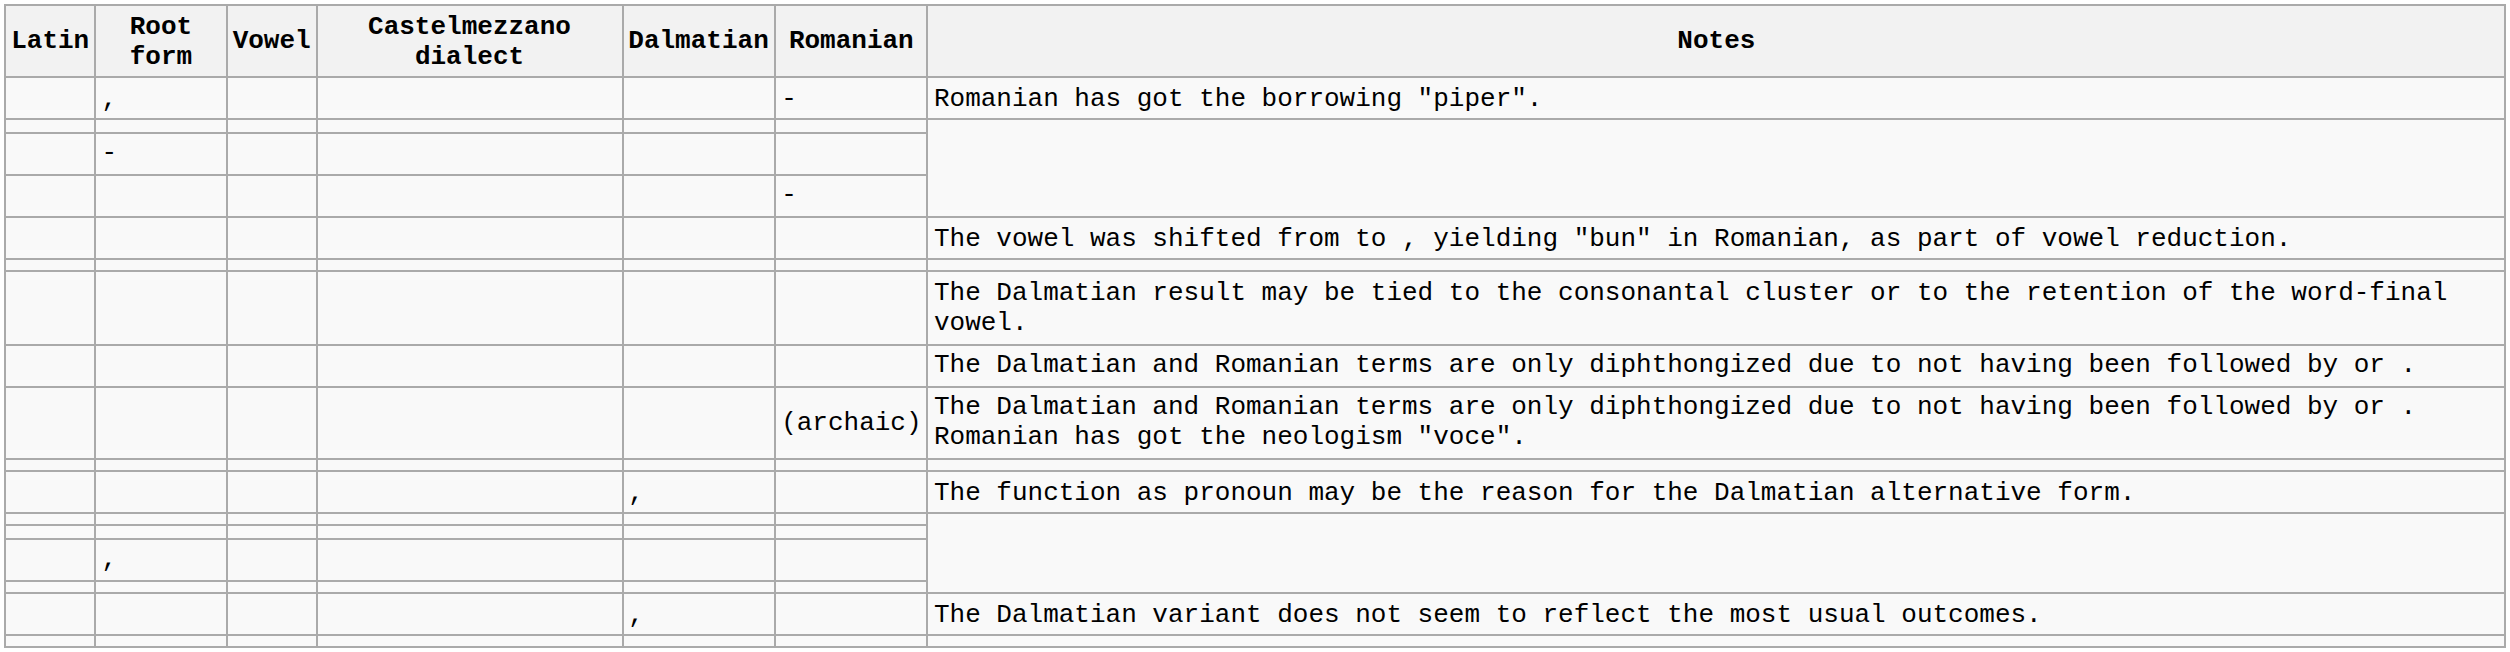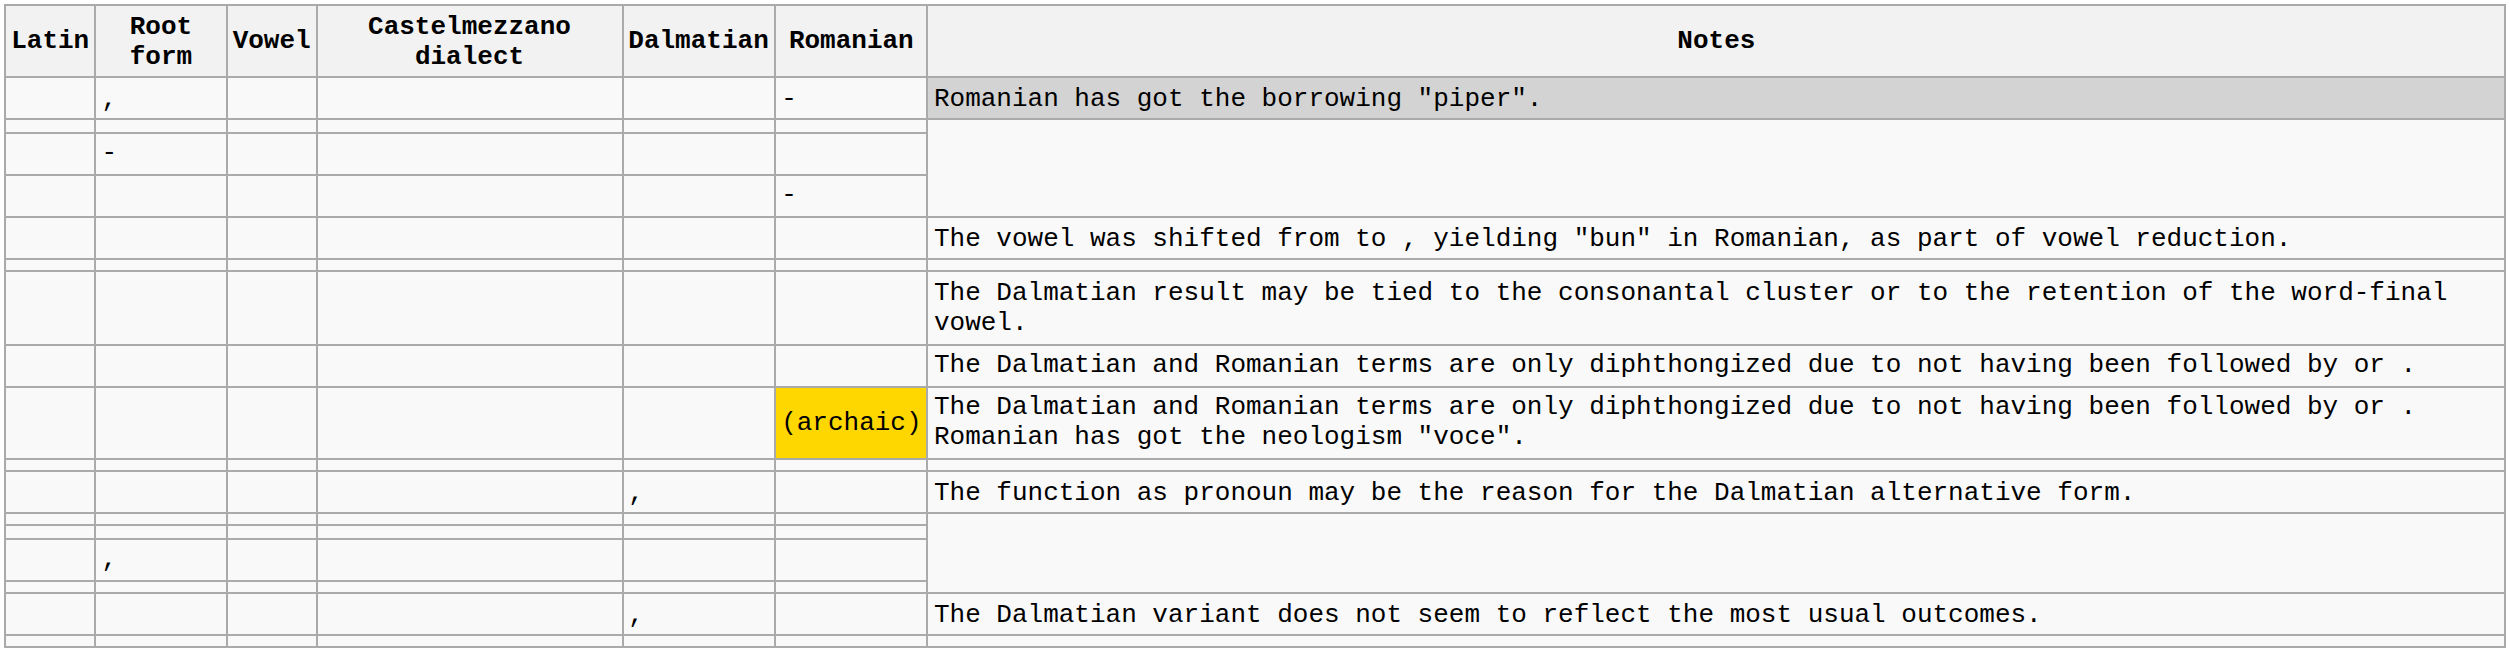 <table class="wikitable"; margin: 10px; text-align: center;">
 <tr>
 <th>Latin</th>
 <th>Root form</th>
 <th>Vowel</th>
 <th>Castelmezzano dialect</th>
 <th>Dalmatian</th>
 <th>Romanian</th>
 <th>Notes</th>
 </tr>
 <tr>
 <td></td>
 <td>, </td>
 <td></td>
 <td></td>
 <td></td>
 <td>-</td>
-<td>Romanian has got the borrowing "piper".</td>
+<td style="background: lightgrey;">Romanian has got the borrowing "piper".</td>
 </tr>
 <tr>
 <td></td>
 <td></td>
 <td></td>
 <td></td>
 <td></td>
 <td></td>
 </tr>
 <tr>
 <td></td>
 <td>-</td>
 <td></td>
 <td></td>
 <td></td>
 <td></td>
 </tr>
 <tr>
 <td></td>
 <td></td>
 <td></td>
 <td></td>
 <td></td>
 <td>-</td>
 </tr>
 <tr>
 <td></td>
 <td></td>
 <td></td>
 <td></td>
 <td></td>
 <td></td>
 <td>The vowel was shifted from  to , yielding "bun" in Romanian, as part of vowel reduction.</td>
 </tr>
 <tr>
 <td></td>
 <td></td>
 <td></td>
 <td></td>
 <td></td>
 <td></td>
 </tr>
 <tr>
 <td></td>
 <td></td>
 <td></td>
 <td></td>
 <td></td>
 <td></td>
 <td>The Dalmatian result may be tied to the consonantal cluster  or to the retention of the word-final vowel.</td>
 </tr>
 <tr>
 <td></td>
 <td></td>
 <td></td>
 <td></td>
 <td></td>
 <td></td>
 <td>The Dalmatian and Romanian terms are only diphthongized due to not having been followed by  or .</td>
 </tr>
 <tr>
 <td></td>
 <td></td>
 <td></td>
 <td></td>
 <td></td>
-<td> (archaic)</td>
+<td style="background: gold;"> (archaic)</td>
 <td>The Dalmatian and Romanian terms are only diphthongized due to not having been followed by  or . Romanian has got the neologism "voce".</td>
 </tr>
 <tr>
 <td></td>
 <td></td>
 <td></td>
 <td></td>
 <td></td>
 <td></td>
 </tr>
 <tr>
 <td></td>
 <td></td>
 <td></td>
 <td></td>
 <td>, </td>
 <td></td>
 <td>The function as pronoun may be the reason for the Dalmatian alternative form.</td>
 </tr>
 <tr>
 <td></td>
 <td></td>
 <td></td>
 <td></td>
 <td></td>
 <td></td>
 </tr>
 <tr>
 <td></td>
 <td></td>
 <td></td>
 <td></td>
 <td></td>
 <td></td>
 </tr>
 <tr>
 <td></td>
 <td>, </td>
 <td></td>
 <td></td>
 <td></td>
 <td></td>
 </tr>
 <tr>
 <td></td>
 <td></td>
 <td></td>
 <td></td>
 <td></td>
 <td></td>
 </tr>
 <tr>
 <td></td>
 <td></td>
 <td></td>
 <td></td>
 <td>, </td>
 <td></td>
 <td>The Dalmatian variant does not seem to reflect the most usual outcomes.</td>
 </tr>
 <tr>
 <td></td>
 <td></td>
 <td></td>
 <td></td>
 <td></td>
 <td></td>
 </tr>
 </table>
